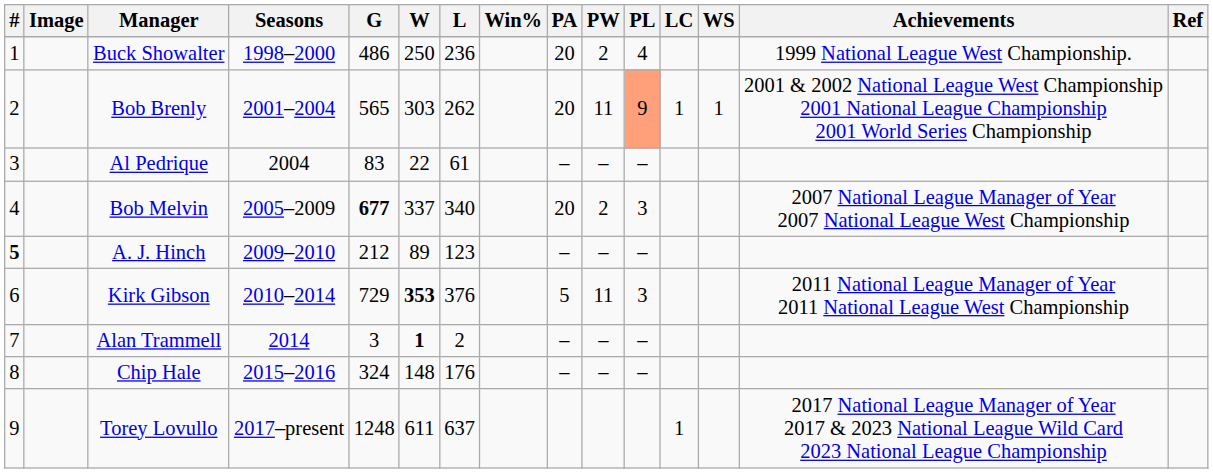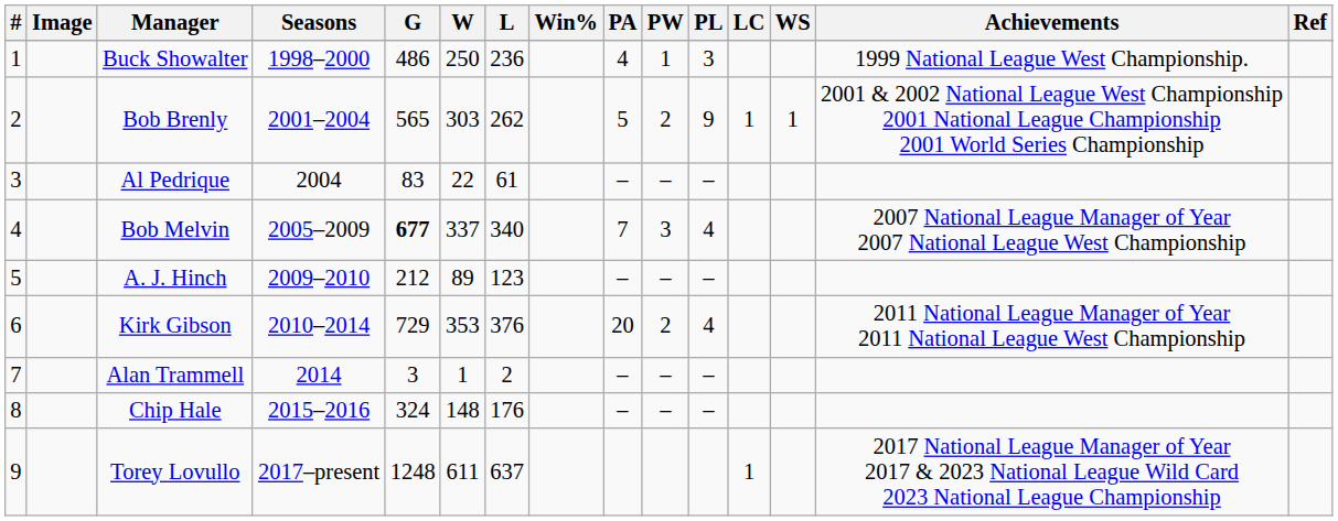 <table class="wikitable sortable" style="text-align:center">
 <tr>
 <th class="unsortable">#</th>
 <th class="unsortable">Image</th>
 <th>Manager</th>
 <th>Seasons</th>
 <th>G</th>
 <th>W</th>
 <th>L</th>
 <th>Win%</th>
 <th>PA</th>
 <th>PW</th>
 <th>PL</th>
 <th>LC</th>
 <th>WS</th>
 <th class="unsortable">Achievements</th>
 <th class="unsortable">Ref</th>
 </tr>
 <tr>
 </tr>
 <tr>
 <td align=center>1</td>
 <td></td>
 <td><a href='#'>Buck Showalter</a></td>
 <td><a href='#'>1998</a>–<a href='#'>2000</a></td>
 <td align=center>486</td>
 <td align=center>250</td>
 <td align=center>236</td>
 <td align=center></td>
-<td align=center>20</td>
-<td align=center>2</td>
 <td align=center>4</td>
+<td align=center>1</td>
+<td align=center>3</td>
 <td align=center></td>
 <td align=center></td>
 <td align=center>1999 <a href='#'>National League West</a> Championship.</td>
 <td align=center></td>
 </tr>
 <tr>
 <td align=center>2</td>
 <td></td>
 <td><a href='#'>Bob Brenly</a></td>
 <td><a href='#'>2001</a>–<a href='#'>2004</a></td>
 <td align=center>565</td>
 <td align=center>303</td>
 <td align=center>262</td>
 <td align=center></td>
-<td align=center>20</td>
-<td align=center>11</td>
-<td align=center style="background: lightsalmon;">9</td>
+<td align=center>5</td>
+<td align=center>2</td>
+<td align=center>9</td>
 <td align=center>1</td>
 <td align=center>1</td>
 <td align=center>2001 & 2002 <a href='#'>National League West</a> Championship<br><a href='#'>2001 National League Championship</a><br><a href='#'>2001 World Series</a> Championship</td>
 <td align=center></td>
 </tr>
 <tr>
 <td align=center>3</td>
 <td></td>
 <td><a href='#'>Al Pedrique</a></td>
 <td>2004</td>
 <td align=center>83</td>
 <td align=center>22</td>
 <td align=center>61</td>
 <td align=center></td>
 <td align=center>–</td>
 <td align=center>–</td>
 <td align=center>–</td>
 <td align=center></td>
 <td align=center></td>
 <td></td>
 <td align=center></td>
 </tr>
 <tr>
 <td align=center>4</td>
 <td></td>
 <td><a href='#'>Bob Melvin</a></td>
 <td><a href='#'>2005</a>–2009</td>
 <td align=center><strong>677</strong></td>
 <td align=center>337</td>
 <td align=center>340</td>
 <td align=center></td>
-<td align=center>20</td>
-<td align=center>2</td>
+<td align=center>7</td>
 <td align=center>3</td>
+<td align=center>4</td>
 <td align=center></td>
 <td align=center></td>
 <td align=center>2007 <a href='#'>National League Manager of Year</a><br>2007 <a href='#'>National League West</a> Championship</td>
 <td align=center></td>
 </tr>
 <tr>
-<td align=center><strong>5</strong></td>
+<td align=center>5</td>
 <td></td>
 <td><a href='#'>A. J. Hinch</a></td>
 <td><a href='#'>2009</a>–<a href='#'>2010</a></td>
 <td align=center>212</td>
 <td align=center>89</td>
 <td align=center>123</td>
 <td align=center></td>
 <td align=center>–</td>
 <td align=center>–</td>
 <td align=center>–</td>
 <td align=center></td>
 <td align=center></td>
 <td align=center></td>
 <td align=center></td>
 </tr>
 <tr>
 <td align=center>6</td>
 <td></td>
 <td><a href='#'>Kirk Gibson</a></td>
 <td><a href='#'>2010</a>–<a href='#'>2014</a></td>
 <td align=center>729</td>
-<td align=center><strong>353</strong></td>
+<td align=center>353</td>
 <td align=center>376</td>
 <td align=center></td>
-<td align=center>5</td>
-<td align=center>11</td>
-<td align=center>3</td>
+<td align=center>20</td>
+<td align=center>2</td>
+<td align=center>4</td>
 <td align=center></td>
 <td align=center></td>
 <td align=center>2011 <a href='#'>National League Manager of Year</a><br>2011 <a href='#'>National League West</a> Championship</td>
 <td align=center></td>
 </tr>
 <tr>
 <td align=center>7</td>
 <td></td>
 <td><a href='#'>Alan Trammell</a></td>
 <td><a href='#'>2014</a></td>
 <td align=center>3</td>
-<td align=center><strong>1</strong></td>
+<td align=center>1</td>
 <td align=center>2</td>
 <td align=center></td>
 <td align=center>–</td>
 <td align=center>–</td>
 <td align=center>–</td>
 <td align=center></td>
 <td align=center></td>
 <td align=center></td>
 <td align=center></td>
 </tr>
 <tr>
 <td align=center>8</td>
 <td></td>
 <td><a href='#'>Chip Hale</a></td>
 <td><a href='#'>2015</a>–<a href='#'>2016</a></td>
 <td align=center>324</td>
 <td align=center>148</td>
 <td align=center>176</td>
 <td align=center></td>
 <td align=center>–</td>
 <td align=center>–</td>
 <td align=center>–</td>
 <td align=center></td>
 <td align=center></td>
 <td align=center></td>
 <td align=center></td>
 </tr>
 <tr>
 <td align=center>9</td>
 <td></td>
 <td><a href='#'>Torey Lovullo</a></td>
 <td><a href='#'>2017</a>–present</td>
 <td align=center>1248</td>
 <td align=center>611</td>
 <td align=center>637</td>
 <td align=center></td>
 <td align=center></td>
 <td align=center></td>
 <td align=center></td>
 <td align=center>1</td>
 <td align=center></td>
 <td align=center>2017 <a href='#'>National League Manager of Year</a><br>2017 & 2023 <a href='#'>National League Wild Card</a><br><a href='#'>2023 National League Championship</a></td>
 <td align=center></td>
 </tr>
 </table>
